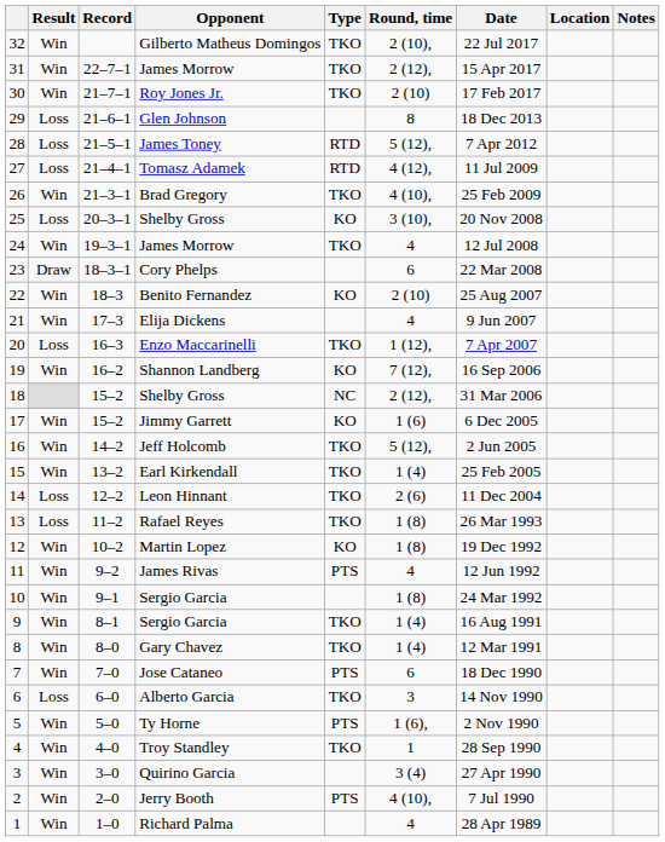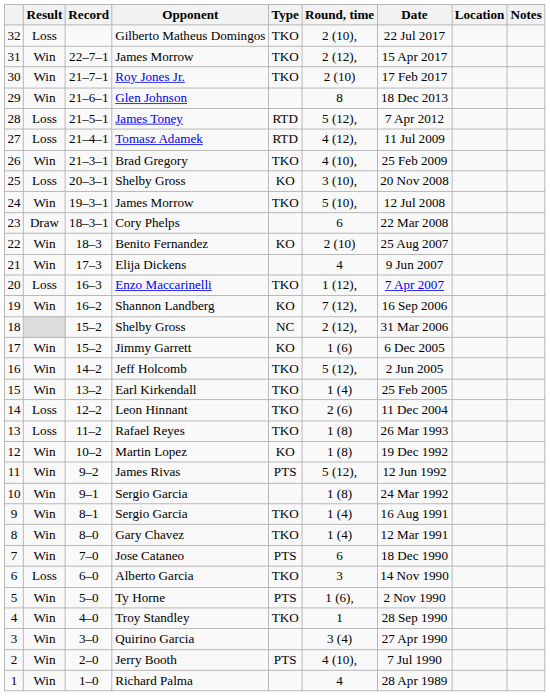 <table class="wikitable" style="text-align:center">
 <tr>
 <th></th>
 <th>Result</th>
 <th>Record</th>
 <th>Opponent</th>
 <th>Type</th>
 <th>Round, time</th>
 <th>Date</th>
 <th>Location</th>
 <th>Notes</th>
 </tr>
 <tr>
 <td>32</td>
-<td>Win</td>
+<td>Loss</td>
 <td></td>
 <td style="text-align:left;">Gilberto Matheus Domingos</td>
 <td>TKO</td>
 <td>2 (10), </td>
 <td>22 Jul 2017</td>
 <td style="text-align:left;"></td>
 <td></td>
 </tr>
 <tr>
 <td>31</td>
 <td>Win</td>
 <td>22–7–1 </td>
 <td style="text-align:left;">James Morrow</td>
 <td>TKO</td>
 <td>2 (12), </td>
 <td>15 Apr 2017</td>
 <td style="text-align:left;"></td>
 <td></td>
 </tr>
 <tr>
 <td>30</td>
 <td>Win</td>
 <td>21–7–1 </td>
 <td style="text-align:left;"><a href='#'>Roy Jones Jr.</a></td>
 <td>TKO</td>
 <td>2 (10)</td>
 <td>17 Feb 2017</td>
 <td style="text-align:left;"></td>
 <td style="text-align:left;"></td>
 </tr>
 <tr>
 <td>29</td>
-<td>Loss</td>
+<td>Win</td>
 <td>21–6–1 </td>
 <td style="text-align:left;"><a href='#'>Glen Johnson</a></td>
 <td></td>
 <td>8</td>
 <td>18 Dec 2013</td>
 <td style="text-align:left;"></td>
 <td></td>
 </tr>
 <tr>
 <td>28</td>
 <td>Loss</td>
 <td>21–5–1 </td>
 <td style="text-align:left;"><a href='#'>James Toney</a></td>
 <td>RTD</td>
 <td>5 (12), </td>
 <td>7 Apr 2012</td>
 <td style="text-align:left;"></td>
 <td style="text-align:left;"></td>
 </tr>
 <tr>
 <td>27</td>
 <td>Loss</td>
 <td>21–4–1 </td>
 <td style="text-align:left;"><a href='#'>Tomasz Adamek</a></td>
 <td>RTD</td>
 <td>4 (12), </td>
 <td>11 Jul 2009</td>
 <td style="text-align:left;"></td>
 <td style="text-align:left;"></td>
 </tr>
 <tr>
 <td>26</td>
 <td>Win</td>
 <td>21–3–1 </td>
 <td style="text-align:left;">Brad Gregory</td>
 <td>TKO</td>
 <td>4 (10), </td>
 <td>25 Feb 2009</td>
 <td style="text-align:left;"></td>
 <td style="text-align:left;"></td>
 </tr>
 <tr>
 <td>25</td>
 <td>Loss</td>
 <td>20–3–1 </td>
 <td style="text-align:left;">Shelby Gross</td>
 <td>KO</td>
 <td>3 (10), </td>
 <td>20 Nov 2008</td>
 <td style="text-align:left;"></td>
 <td style="text-align:left;"></td>
 </tr>
 <tr>
 <td>24</td>
 <td>Win</td>
 <td>19–3–1 </td>
 <td style="text-align:left;">James Morrow</td>
 <td>TKO</td>
-<td>4</td>
+<td>5 (10), </td>
 <td>12 Jul 2008</td>
 <td style="text-align:left;"></td>
 <td style="text-align:left;"></td>
 </tr>
 <tr>
 <td>23</td>
 <td>Draw</td>
 <td>18–3–1 </td>
 <td style="text-align:left;">Cory Phelps</td>
 <td></td>
 <td>6</td>
 <td>22 Mar 2008</td>
 <td style="text-align:left;"></td>
 <td></td>
 </tr>
 <tr>
 <td>22</td>
 <td>Win</td>
 <td>18–3 </td>
 <td style="text-align:left;">Benito Fernandez</td>
 <td>KO</td>
 <td>2 (10)</td>
 <td>25 Aug 2007</td>
 <td style="text-align:left;"></td>
 <td></td>
 </tr>
 <tr>
 <td>21</td>
 <td>Win</td>
 <td>17–3 </td>
 <td style="text-align:left;">Elija Dickens</td>
 <td></td>
 <td>4</td>
 <td>9 Jun 2007</td>
 <td style="text-align:left;"></td>
 <td></td>
 </tr>
 <tr>
 <td>20</td>
 <td>Loss</td>
 <td>16–3 </td>
 <td style="text-align:left;"><a href='#'>Enzo Maccarinelli</a></td>
 <td>TKO</td>
 <td>1 (12), </td>
 <td><a href='#'>7 Apr 2007</a></td>
 <td style="text-align:left;"></td>
 <td style="text-align:left;"></td>
 </tr>
 <tr>
 <td>19</td>
 <td>Win</td>
 <td>16–2 </td>
 <td style="text-align:left;">Shannon Landberg</td>
 <td>KO</td>
 <td>7 (12), </td>
 <td>16 Sep 2006</td>
 <td style="text-align:left;"></td>
 <td style="text-align:left;"></td>
 </tr>
 <tr>
 <td>18</td>
 <td style="background: #DDD"></td>
 <td>15–2 </td>
 <td style="text-align:left;">Shelby Gross</td>
 <td>NC</td>
 <td>2 (12), </td>
 <td>31 Mar 2006</td>
 <td style="text-align:left;"></td>
 <td style="text-align:left;"></td>
 </tr>
 <tr>
 <td>17</td>
 <td>Win</td>
 <td>15–2</td>
 <td style="text-align:left;">Jimmy Garrett</td>
 <td>KO</td>
 <td>1 (6)</td>
 <td>6 Dec 2005</td>
 <td style="text-align:left;"></td>
 <td></td>
 </tr>
 <tr>
 <td>16</td>
 <td>Win</td>
 <td>14–2</td>
 <td style="text-align:left;">Jeff Holcomb</td>
 <td>TKO</td>
 <td>5 (12), </td>
 <td>2 Jun 2005</td>
 <td style="text-align:left;"></td>
 <td style="text-align:left;"></td>
 </tr>
 <tr>
 <td>15</td>
 <td>Win</td>
 <td>13–2</td>
 <td style="text-align:left;">Earl Kirkendall</td>
 <td>TKO</td>
 <td>1 (4)</td>
 <td>25 Feb 2005</td>
 <td style="text-align:left;"></td>
 <td></td>
 </tr>
 <tr>
 <td>14</td>
 <td>Loss</td>
 <td>12–2</td>
 <td style="text-align:left;">Leon Hinnant</td>
 <td>TKO</td>
 <td>2 (6)</td>
 <td>11 Dec 2004</td>
 <td style="text-align:left;"></td>
 <td></td>
 </tr>
 <tr>
 <td>13</td>
 <td>Loss</td>
 <td>11–2</td>
 <td style="text-align:left;">Rafael Reyes</td>
 <td>TKO</td>
 <td>1 (8)</td>
 <td>26 Mar 1993</td>
 <td style="text-align:left;"></td>
 <td></td>
 </tr>
 <tr>
 <td>12</td>
 <td>Win</td>
 <td>10–2</td>
 <td style="text-align:left;">Martin Lopez</td>
 <td>KO</td>
 <td>1 (8)</td>
 <td>19 Dec 1992</td>
 <td style="text-align:left;"></td>
 <td></td>
 </tr>
 <tr>
 <td>11</td>
 <td>Win</td>
 <td>9–2</td>
 <td style="text-align:left;">James Rivas</td>
 <td>PTS</td>
-<td>4</td>
+<td>5 (12), </td>
 <td>12 Jun 1992</td>
 <td style="text-align:left;"></td>
 <td></td>
 </tr>
 <tr>
 <td>10</td>
 <td>Win</td>
 <td>9–1</td>
 <td style="text-align:left;">Sergio Garcia</td>
 <td></td>
 <td>1 (8)</td>
 <td>24 Mar 1992</td>
 <td style="text-align:left;"></td>
 <td></td>
 </tr>
 <tr>
 <td>9</td>
 <td>Win</td>
 <td>8–1</td>
 <td style="text-align:left;">Sergio Garcia</td>
 <td>TKO</td>
 <td>1 (4)</td>
 <td>16 Aug 1991</td>
 <td style="text-align:left;"></td>
 <td></td>
 </tr>
 <tr>
 <td>8</td>
 <td>Win</td>
 <td>8–0</td>
 <td style="text-align:left;">Gary Chavez</td>
 <td>TKO</td>
 <td>1 (4)</td>
 <td>12 Mar 1991</td>
 <td style="text-align:left;"></td>
 <td></td>
 </tr>
 <tr>
 <td>7</td>
 <td>Win</td>
 <td>7–0</td>
 <td style="text-align:left;">Jose Cataneo</td>
 <td>PTS</td>
 <td>6</td>
 <td>18 Dec 1990</td>
 <td style="text-align:left;"></td>
 <td></td>
 </tr>
 <tr>
 <td>6</td>
 <td>Loss</td>
 <td>6–0</td>
 <td style="text-align:left;">Alberto Garcia</td>
 <td>TKO</td>
 <td>3</td>
 <td>14 Nov 1990</td>
 <td style="text-align:left;"></td>
 <td></td>
 </tr>
 <tr>
 <td>5</td>
 <td>Win</td>
 <td>5–0</td>
 <td style="text-align:left;">Ty Horne</td>
 <td>PTS</td>
 <td>1 (6), </td>
 <td>2 Nov 1990</td>
 <td style="text-align:left;"></td>
 <td></td>
 </tr>
 <tr>
 <td>4</td>
 <td>Win</td>
 <td>4–0</td>
 <td style="text-align:left;">Troy Standley</td>
 <td>TKO</td>
 <td>1</td>
 <td>28 Sep 1990</td>
 <td style="text-align:left;"></td>
 <td></td>
 </tr>
 <tr>
 <td>3</td>
 <td>Win</td>
 <td>3–0</td>
 <td style="text-align:left;">Quirino Garcia</td>
 <td></td>
 <td>3 (4)</td>
 <td>27 Apr 1990</td>
 <td style="text-align:left;"></td>
 <td></td>
 </tr>
 <tr>
 <td>2</td>
 <td>Win</td>
 <td>2–0</td>
 <td style="text-align:left;">Jerry Booth</td>
 <td>PTS</td>
 <td>4 (10), </td>
 <td>7 Jul 1990</td>
 <td style="text-align:left;"></td>
 <td></td>
 </tr>
 <tr>
 <td>1</td>
 <td>Win</td>
 <td>1–0</td>
 <td style="text-align:left;">Richard Palma</td>
 <td></td>
 <td>4</td>
 <td>28 Apr 1989</td>
 <td style="text-align:left;"></td>
 <td></td>
 </tr>
 </table>
